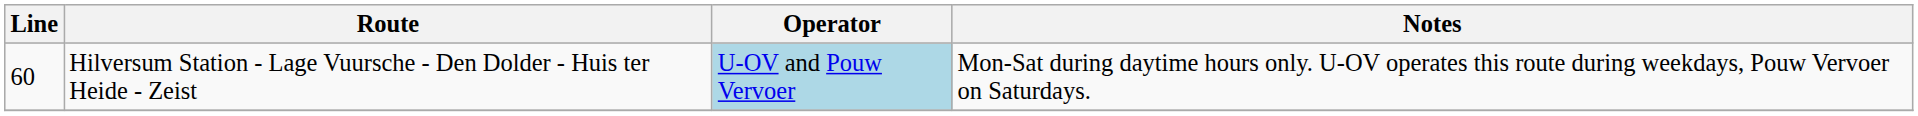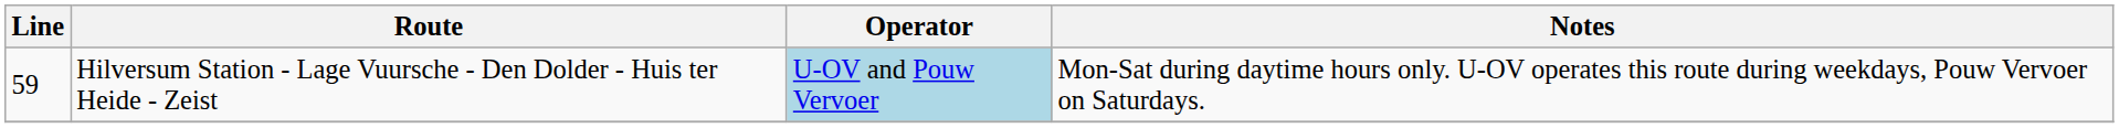 <table class="wikitable">
 <tr>
 <th>Line</th>
 <th>Route</th>
 <th>Operator</th>
 <th>Notes</th>
 </tr>
 <tr>
-<td>60</td>
+<td>59</td>
 <td>Hilversum Station - Lage Vuursche - Den Dolder - Huis ter Heide - Zeist</td>
 <td style="background: lightblue;"><a href='#'>U-OV</a> and <a href='#'>Pouw Vervoer</a></td>
 <td>Mon-Sat during daytime hours only. U-OV operates this route during weekdays, Pouw Vervoer on Saturdays.</td>
 </tr>
 <tr>
 </tr>
 </table>
